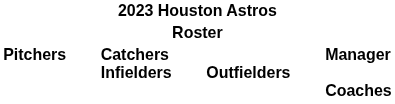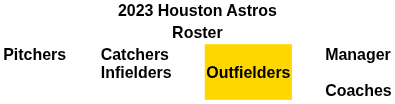 <table class="toccolours" style="font-size: 95%;">
 <tr>
 <th colspan="10">2023 Houston Astros</th>
 </tr>
 <tr>
 <th colspan="10">Roster</th>
 </tr>
 <tr>
 <td valign="top"><strong>Pitchers</strong><br>                     </td>
 <td style="width:25px;"></td>
 <td valign="top"><strong>Catchers</strong><br>   <strong>Infielders</strong>          </td>
 <td style="width:25px;"></td>
-<td valign="top"><br><strong>Outfielders</strong>      </td>
+<td valign="top" style="background: gold;"><br><strong>Outfielders</strong>      </td>
 <td style="width:25px;"></td>
 <td valign="top"><strong>Manager</strong><br><br><strong>Coaches</strong>                          </td>
 </tr>
 </table>
